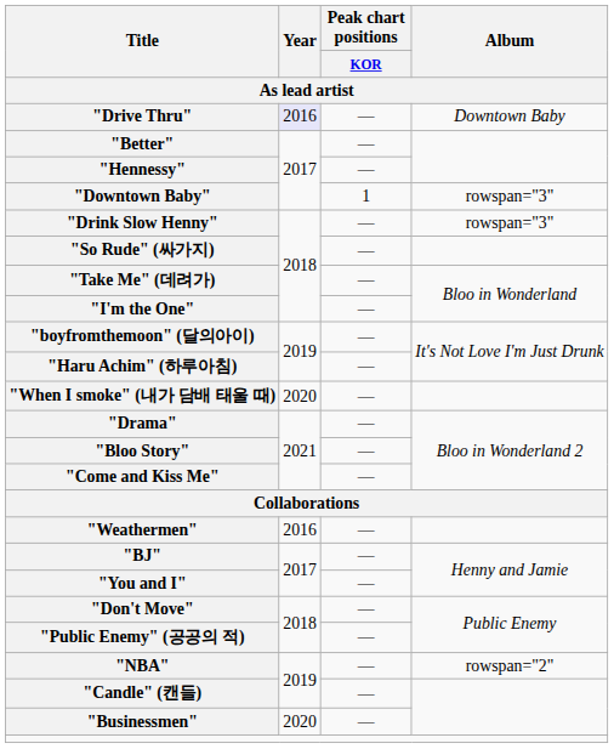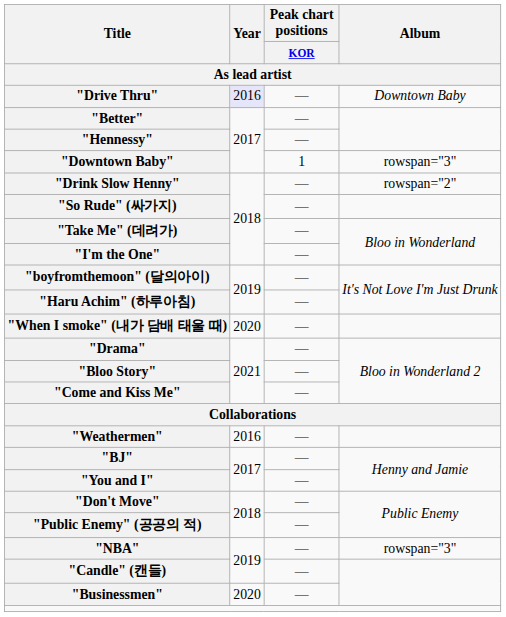 <table class="wikitable plainrowheaders" style="text-align:center;">
 <tr>
 <th scope="col" rowspan="2">Title</th>
 <th scope="col" rowspan="2">Year</th>
 <th scope="col" colspan="1" style="width:5em;">Peak chart positions</th>
 <th scope="col" rowspan="2">Album</th>
 </tr>
 <tr>
 <th><small><a href='#'>KOR</a></small><br></th>
 </tr>
 <tr>
 <th colspan="4">As lead artist</th>
 </tr>
 <tr>
 <th scope="row">"Drive Thru"</th>
 <td style="background: lavender;">2016</td>
 <td>—</td>
 <td><em>Downtown Baby</em></td>
 </tr>
 <tr>
 <th scope="row">"Better"</th>
 <td rowspan="3">2017</td>
 <td>—</td>
 </tr>
 <tr>
 <th scope="row">"Hennessy"</th>
 <td>—</td>
 </tr>
 <tr>
 <th scope="row">"Downtown Baby"</th>
 <td>1</td>
 <td>rowspan="3" </td>
 </tr>
 <tr>
 <th scope="row">"Drink Slow Henny"</th>
 <td rowspan="4">2018</td>
 <td>—</td>
-<td>rowspan="3" </td>
+<td>rowspan="2" </td>
 </tr>
 <tr>
 <th scope="row">"So Rude" (싸가지)</th>
 <td>—</td>
 </tr>
 <tr>
 <th scope="row">"Take Me" (데려가)<br></th>
 <td>—</td>
 <td rowspan="2"><em>Bloo in Wonderland</em></td>
 </tr>
 <tr>
 <th scope="row">"I'm the One"</th>
 <td>—</td>
 </tr>
 <tr>
 <th scope="row">"boyfromthemoon" (달의아이)</th>
 <td rowspan="2">2019</td>
 <td>—</td>
 <td rowspan="2"><em>It's Not Love I'm Just Drunk</em></td>
 </tr>
 <tr>
 <th scope="row">"Haru Achim" (하루아침)</th>
 <td>—</td>
 </tr>
 <tr>
 <th scope="row">"When I smoke" (내가 담배 태울 때)</th>
 <td>2020</td>
 <td>—</td>
 <td></td>
 </tr>
 <tr>
 <th scope="row">"Drama"</th>
 <td rowspan="3">2021</td>
 <td>—</td>
 <td rowspan="3"><em>Bloo in Wonderland 2</em></td>
 </tr>
 <tr>
 <th scope="row">"Bloo Story"</th>
 <td>—</td>
 </tr>
 <tr>
 <th scope="row">"Come and Kiss Me"</th>
 <td>—</td>
 </tr>
 <tr>
 <th colspan="4">Collaborations</th>
 </tr>
 <tr>
 <th scope="row">"Weathermen"<br></th>
 <td>2016</td>
 <td>—</td>
 <td></td>
 </tr>
 <tr>
 <th scope="row">"BJ"<br></th>
 <td rowspan="2">2017</td>
 <td>—</td>
 <td rowspan="2"><em>Henny and Jamie</em></td>
 </tr>
 <tr>
 <th scope="row">"You and I"<br></th>
 <td>—</td>
 </tr>
 <tr>
 <th scope="row">"Don't Move"<br></th>
 <td rowspan="2">2018</td>
 <td>—</td>
 <td rowspan="2"><em>Public Enemy</em></td>
 </tr>
 <tr>
 <th scope="row">"Public Enemy" (공공의 적)<br></th>
 <td>—</td>
 </tr>
 <tr>
 <th scope="row">"NBA"<br></th>
 <td rowspan="2">2019</td>
 <td>—</td>
-<td>rowspan="2" </td>
+<td>rowspan="3" </td>
 </tr>
 <tr>
 <th scope="row">"Candle" (캔들)<br></th>
 <td>—</td>
 </tr>
 <tr>
 <th scope="row">"Businessmen"<br></th>
 <td>2020</td>
 <td>—</td>
 </tr>
 <tr>
 <td colspan="4"></td>
 </tr>
 </table>
